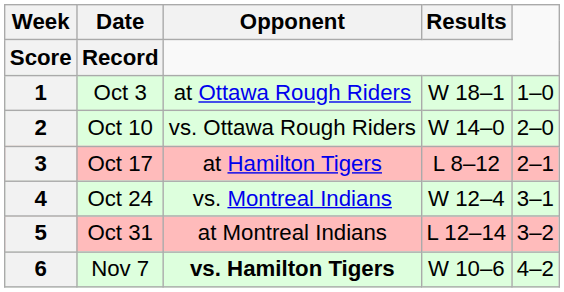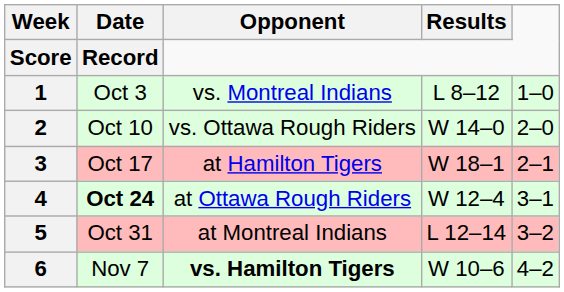 <table class="wikitable" style="text-align:center">
 <tr>
 <th>Week</th>
 <th>Date</th>
 <th>Opponent</th>
 <th>Results</th>
 </tr>
 <tr>
 <th>Score</th>
 <th>Record</th>
 </tr>
 <tr style="background:#ddffdd">
 <th>1</th>
 <td>Oct 3</td>
-<td>at <a href='#'>Ottawa Rough Riders</a></td>
-<td>W 18–1</td>
+<td>vs. <a href='#'>Montreal Indians</a></td>
+<td>L 8–12</td>
 <td>1–0</td>
 </tr>
 <tr style="background:#ddffdd">
 <th>2</th>
 <td>Oct 10</td>
 <td>vs. Ottawa Rough Riders</td>
 <td>W 14–0</td>
 <td>2–0</td>
 </tr>
 <tr style="background:#ffbbbb">
 <th>3</th>
 <td>Oct 17</td>
 <td>at <a href='#'>Hamilton Tigers</a></td>
-<td>L 8–12</td>
+<td>W 18–1</td>
 <td>2–1</td>
 </tr>
 <tr style="background:#ddffdd">
 <th>4</th>
-<td>Oct 24</td>
-<td>vs. <a href='#'>Montreal Indians</a></td>
+<td><strong>Oct 24</strong></td>
+<td>at <a href='#'>Ottawa Rough Riders</a></td>
 <td>W 12–4</td>
 <td>3–1</td>
 </tr>
 <tr style="background:#ffbbbb">
 <th>5</th>
 <td>Oct 31</td>
 <td>at Montreal Indians</td>
 <td>L 12–14</td>
 <td>3–2</td>
 </tr>
 <tr style="background:#ddffdd">
 <th>6</th>
 <td>Nov 7</td>
 <td><strong>vs. Hamilton Tigers</strong></td>
 <td>W 10–6</td>
 <td>4–2</td>
 </tr>
 </table>
